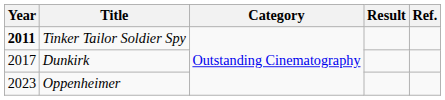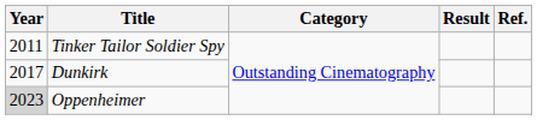 <table class="wikitable">
 <tr>
 <th>Year</th>
 <th>Title</th>
 <th>Category</th>
 <th>Result</th>
 <th>Ref.</th>
 </tr>
 <tr>
-<td><strong>2011</strong></td>
+<td>2011</td>
 <td><em>Tinker Tailor Soldier Spy</em></td>
 <td rowspan=3><a href='#'>Outstanding Cinematography</a></td>
 <td></td>
 <td></td>
 </tr>
 <tr>
 <td>2017</td>
 <td><em>Dunkirk</em></td>
 <td></td>
 <td></td>
 </tr>
 <tr>
-<td>2023</td>
+<td style="background: lightgrey;">2023</td>
 <td><em>Oppenheimer</em></td>
 <td></td>
 <td></td>
 </tr>
 </table>
